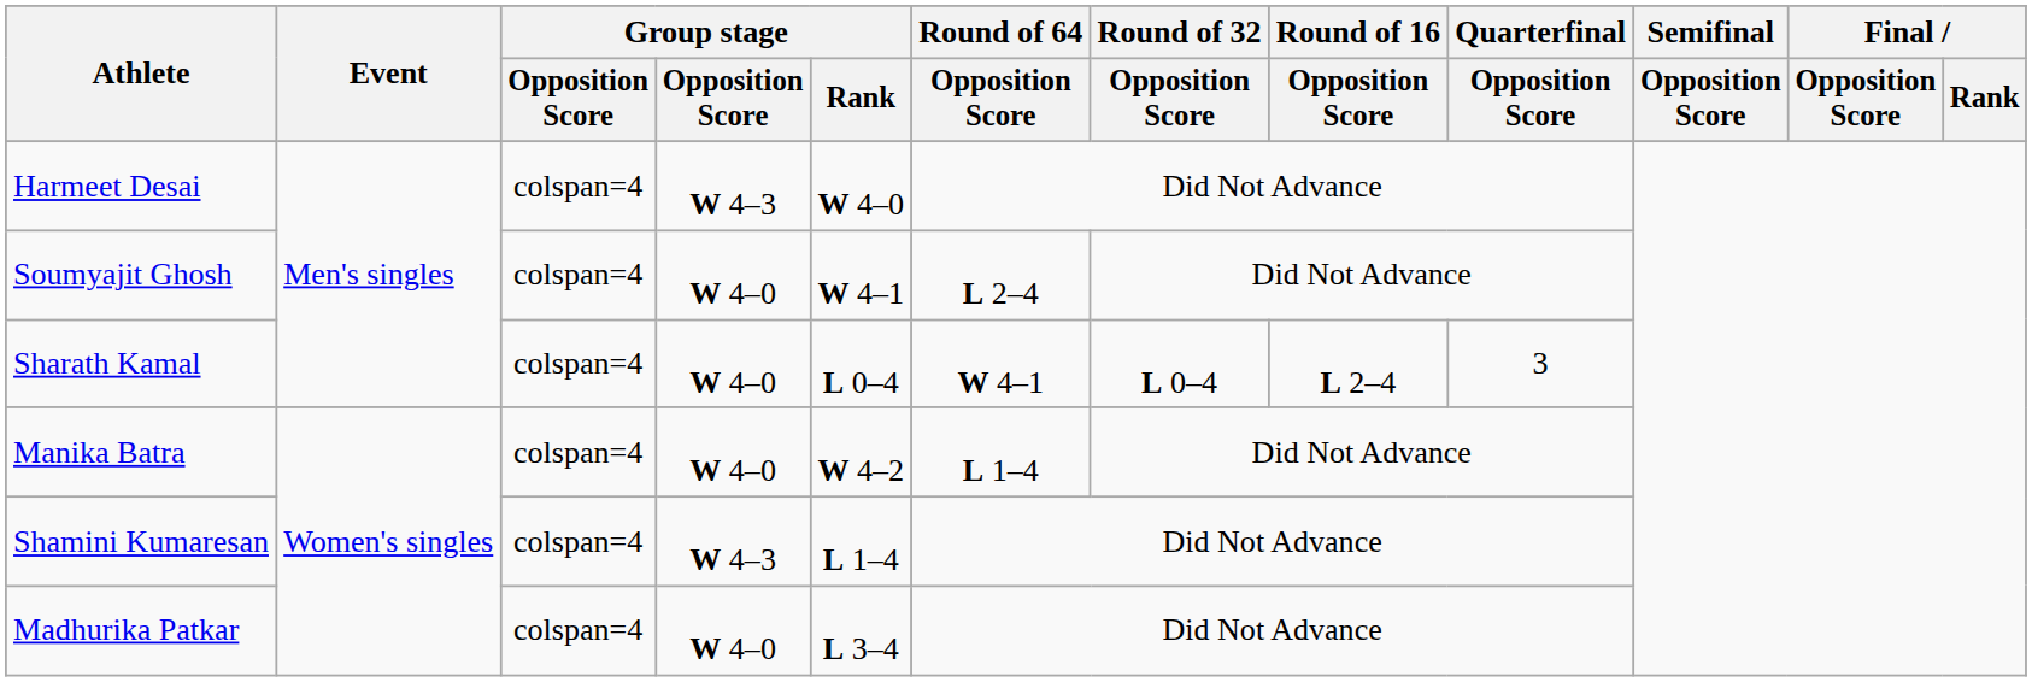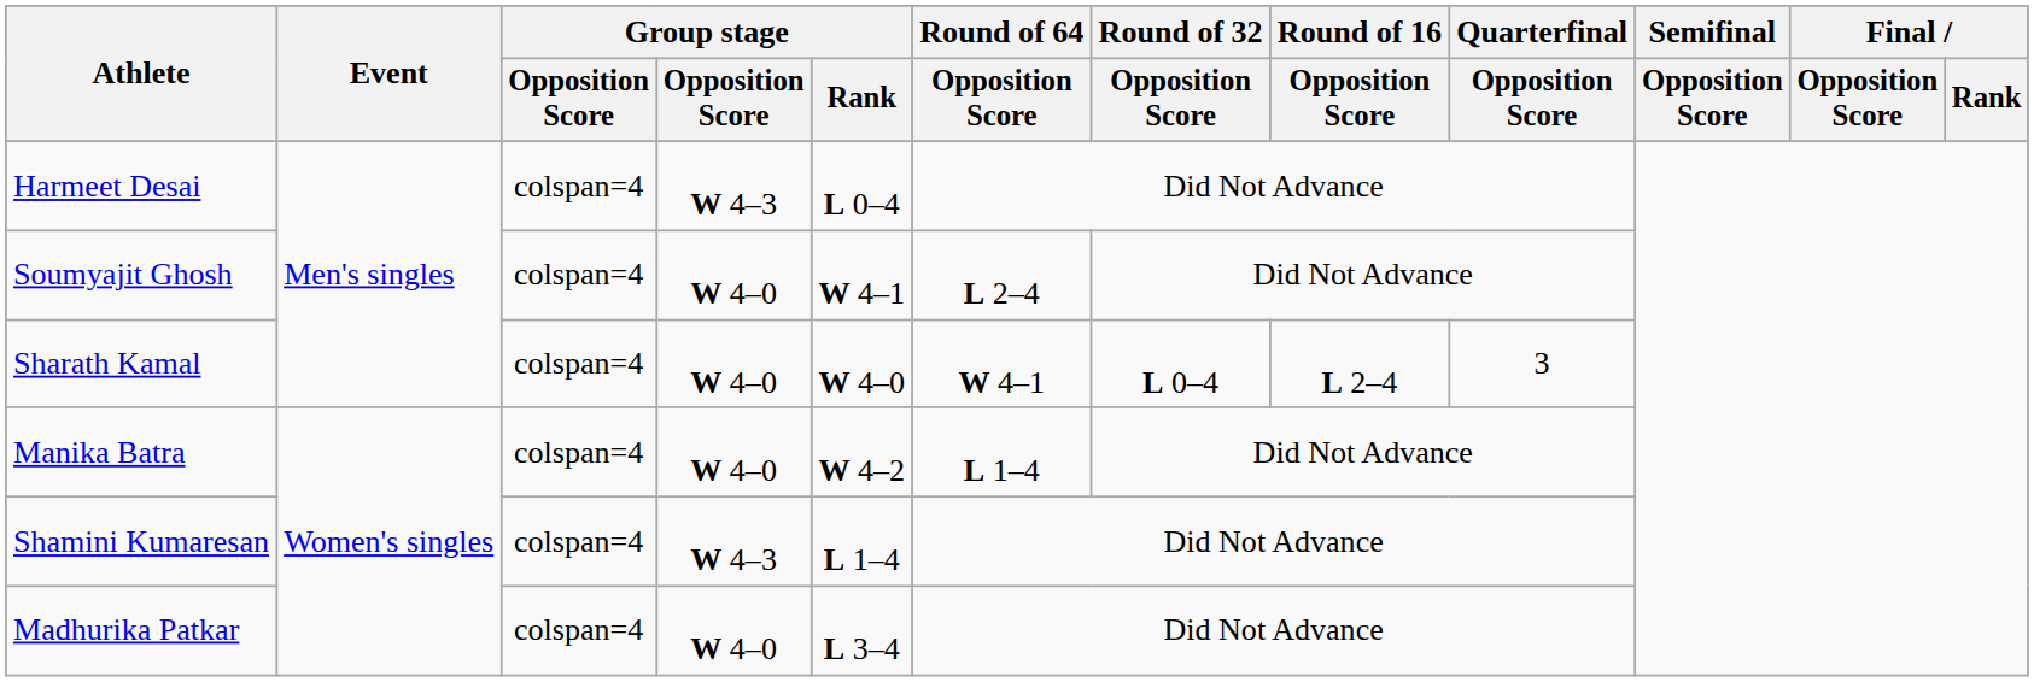 <table class=wikitable style="text-align:center; font-size:90%">
 <tr>
 <th rowspan=2>Athlete</th>
 <th rowspan=2>Event</th>
 <th colspan=3>Group stage</th>
 <th>Round of 64</th>
 <th>Round of 32</th>
 <th>Round of 16</th>
 <th>Quarterfinal</th>
 <th>Semifinal</th>
 <th colspan=2>Final / </th>
 </tr>
 <tr style="font-size:95%">
 <th>Opposition<br>Score</th>
 <th>Opposition<br>Score</th>
 <th>Rank</th>
 <th>Opposition<br>Score</th>
 <th>Opposition<br>Score</th>
 <th>Opposition<br>Score</th>
 <th>Opposition<br>Score</th>
 <th>Opposition<br>Score</th>
 <th>Opposition<br>Score</th>
 <th>Rank</th>
 </tr>
 <tr>
 <td align=left><a href='#'>Harmeet Desai</a></td>
 <td align=left rowspan=3><a href='#'>Men's singles</a></td>
 <td>colspan=4 </td>
 <td><br><strong>W</strong> 4–3</td>
-<td><br><strong>W</strong> 4–0</td>
+<td><br><strong>L</strong> 0–4</td>
 <td colspan="4">Did Not Advance</td>
 </tr>
 <tr>
 <td align=left><a href='#'>Soumyajit Ghosh</a></td>
 <td>colspan=4 </td>
 <td><br><strong>W</strong> 4–0</td>
 <td><br><strong>W</strong> 4–1</td>
 <td><br><strong>L</strong> 2–4</td>
 <td colspan="3">Did Not Advance</td>
 </tr>
 <tr>
 <td align=left><a href='#'>Sharath Kamal</a></td>
 <td>colspan=4 </td>
 <td><br><strong>W</strong> 4–0</td>
-<td><br><strong>L</strong> 0–4</td>
+<td><br><strong>W</strong> 4–0</td>
 <td><br><strong>W</strong> 4–1</td>
 <td><br><strong>L</strong> 0–4</td>
 <td><br><strong>L</strong> 2–4</td>
 <td>3</td>
 </tr>
 <tr>
 <td align=left><a href='#'>Manika Batra</a></td>
 <td align=left rowspan=3><a href='#'>Women's singles</a></td>
 <td>colspan=4 </td>
 <td><br><strong>W</strong> 4–0</td>
 <td><br><strong>W</strong> 4–2</td>
 <td><br><strong>L</strong> 1–4</td>
 <td colspan="3">Did Not Advance</td>
 </tr>
 <tr>
 <td align=left><a href='#'>Shamini Kumaresan</a></td>
 <td>colspan=4 </td>
 <td><br><strong>W</strong> 4–3</td>
 <td><br><strong>L</strong> 1–4</td>
 <td colspan="4">Did Not Advance</td>
 </tr>
 <tr>
 <td align=left><a href='#'>Madhurika Patkar</a></td>
 <td>colspan=4 </td>
 <td><br><strong>W</strong> 4–0</td>
 <td><br><strong>L</strong> 3–4</td>
 <td colspan="4">Did Not Advance</td>
 </tr>
 </table>
